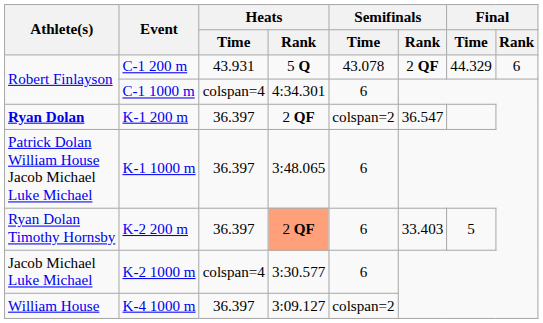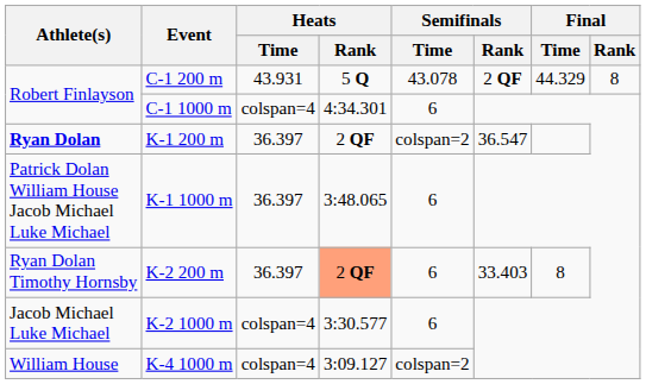 <table class="wikitable" style="font-size:90%">
 <tr>
 <th rowspan=2>Athlete(s)</th>
 <th rowspan=2>Event</th>
 <th colspan=2>Heats</th>
 <th colspan=2>Semifinals</th>
 <th colspan=2>Final</th>
 </tr>
 <tr>
 <th>Time</th>
 <th>Rank</th>
 <th>Time</th>
 <th>Rank</th>
 <th>Time</th>
 <th>Rank</th>
 </tr>
 <tr align=center>
 <td align=left rowspan=2><a href='#'>Robert Finlayson</a></td>
 <td align=left><a href='#'>C-1 200 m</a></td>
 <td>43.931</td>
 <td>5 <strong>Q</strong></td>
 <td>43.078</td>
 <td>2 <strong>QF</strong></td>
 <td>44.329</td>
-<td>6</td>
+<td>8</td>
 </tr>
 <tr align=center>
 <td align=left><a href='#'>C-1 1000 m</a></td>
 <td>colspan=4 </td>
 <td>4:34.301</td>
 <td>6</td>
 </tr>
 <tr align=center>
 <td align=left><strong><a href='#'>Ryan Dolan</a></strong></td>
 <td align=left><a href='#'>K-1 200 m</a></td>
 <td>36.397</td>
 <td>2 <strong>QF</strong></td>
 <td>colspan=2 </td>
 <td>36.547</td>
 <td></td>
 </tr>
 <tr align=center>
 <td align=left><a href='#'>Patrick Dolan</a><br><a href='#'>William House</a><br>Jacob Michael<br><a href='#'>Luke Michael</a></td>
 <td align=left><a href='#'>K-1 1000 m</a></td>
 <td>36.397</td>
 <td>3:48.065</td>
 <td>6</td>
 </tr>
 <tr align=center>
 <td align=left><a href='#'>Ryan Dolan</a><br><a href='#'>Timothy Hornsby</a></td>
 <td align=left><a href='#'>K-2 200 m</a></td>
 <td>36.397</td>
 <td style="background: lightsalmon;">2 <strong>QF</strong></td>
 <td>6</td>
 <td>33.403</td>
-<td>5</td>
+<td>8</td>
 </tr>
 <tr align=center>
 <td align=left>Jacob Michael<br><a href='#'>Luke Michael</a></td>
 <td><a href='#'>K-2 1000 m</a></td>
 <td>colspan=4 </td>
 <td>3:30.577</td>
 <td>6</td>
 </tr>
 <tr align=center>
 <td align=left><a href='#'>William House</a></td>
 <td align=left><a href='#'>K-4 1000 m</a></td>
-<td>36.397</td>
+<td>colspan=4 </td>
 <td>3:09.127</td>
 <td>colspan=2 </td>
 </tr>
 </table>
